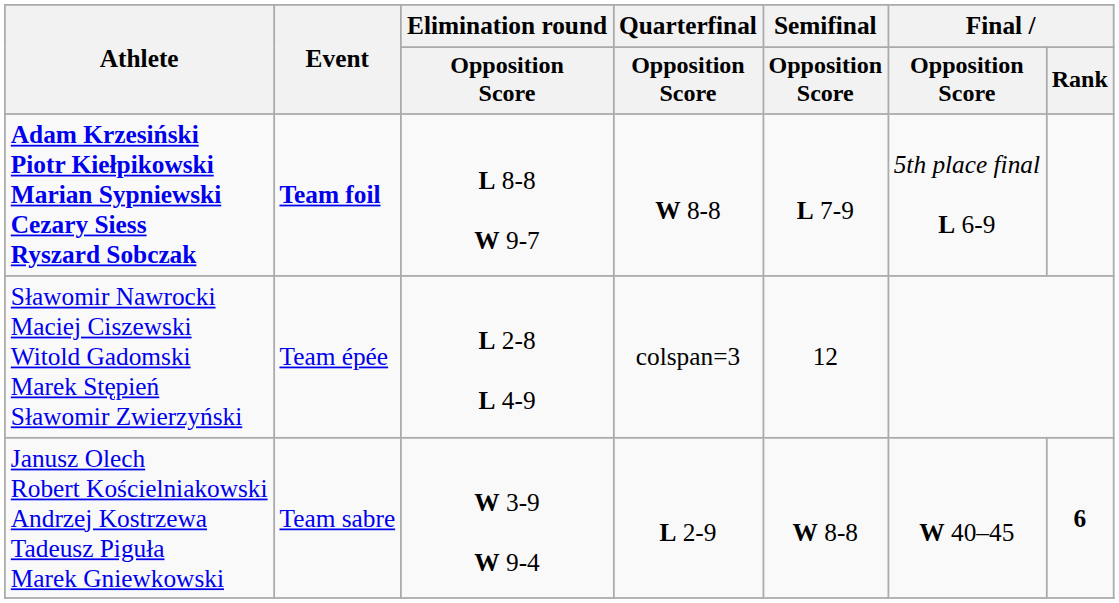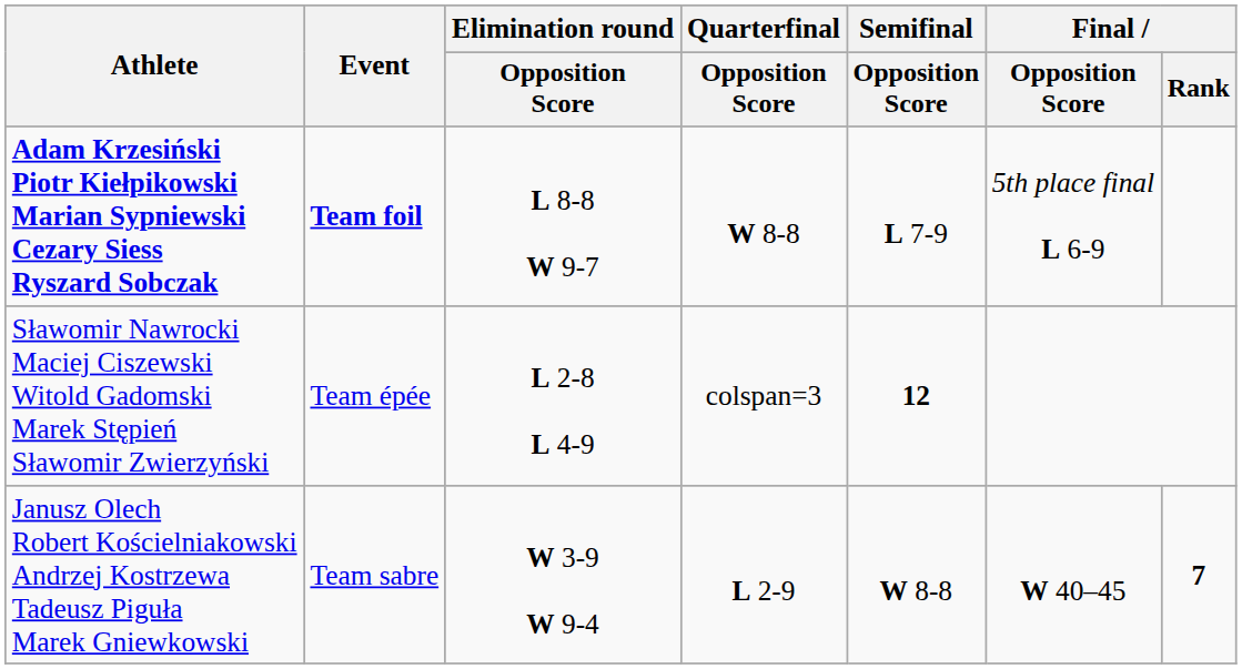 <table class="wikitable" style="font-size:90%">
 <tr>
 <th rowspan="2">Athlete</th>
 <th rowspan="2">Event</th>
 <th>Elimination round</th>
 <th>Quarterfinal</th>
 <th>Semifinal</th>
 <th colspan=2>Final / </th>
 </tr>
 <tr style="font-size:95%">
 <th>Opposition <br> Score</th>
 <th>Opposition <br> Score</th>
 <th>Opposition <br> Score</th>
 <th>Opposition <br> Score</th>
 <th>Rank</th>
 </tr>
 <tr align=center>
 <td align=left><strong><a href='#'>Adam Krzesiński</a><br><a href='#'>Piotr Kiełpikowski</a><br><a href='#'>Marian Sypniewski</a><br><a href='#'>Cezary Siess</a><br><a href='#'>Ryszard Sobczak</a></strong></td>
 <td align=left><strong><a href='#'>Team foil</a></strong></td>
 <td><br><strong>L</strong> 8-8<br><br><strong>W</strong> 9-7</td>
 <td><br><strong>W</strong> 8-8</td>
 <td><br><strong>L</strong> 7-9</td>
 <td><em>5th place final</em><br><br><strong>L</strong> 6-9</td>
 <td></td>
 </tr>
 <tr align=center>
 <td align=left><a href='#'>Sławomir Nawrocki</a><br><a href='#'>Maciej Ciszewski</a><br><a href='#'>Witold Gadomski</a><br><a href='#'>Marek Stępień</a><br><a href='#'>Sławomir Zwierzyński</a></td>
 <td align=left><a href='#'>Team épée</a></td>
 <td><br><strong>L</strong> 2-8<br><br><strong>L</strong> 4-9</td>
 <td>colspan=3 </td>
-<td>12</td>
+<td><strong>12</strong></td>
 </tr>
 <tr align=center>
 <td align=left><a href='#'>Janusz Olech</a><br><a href='#'>Robert Kościelniakowski</a><br><a href='#'>Andrzej Kostrzewa</a><br><a href='#'>Tadeusz Piguła</a><br><a href='#'>Marek Gniewkowski</a></td>
 <td align=left><a href='#'>Team sabre</a></td>
 <td><br><strong>W</strong> 3-9<br><br><strong>W</strong> 9-4</td>
 <td><br><strong>L</strong> 2-9</td>
 <td><br><strong>W</strong> 8-8</td>
 <td><br><strong>W</strong> 40–45</td>
-<td><strong>6</strong></td>
+<td><strong>7</strong></td>
 </tr>
 </table>
